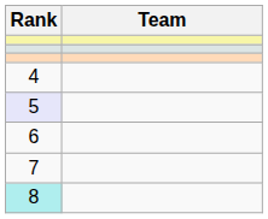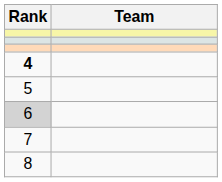 <table class="wikitable">
 <tr>
 <th width=40>Rank</th>
 <th width=160>Team</th>
 </tr>
 <tr bgcolor="#F7F6A8">
 <td align=center></td>
 <td></td>
 </tr>
 <tr bgcolor="#DCE5E5">
 <td align=center></td>
 <td></td>
 </tr>
 <tr bgcolor="#FFDAB9">
 <td align=center></td>
 <td></td>
 </tr>
 <tr>
-<td align=center>4</td>
+<td align=center><strong>4</strong></td>
 <td></td>
 </tr>
 <tr>
-<td align=center style="background: lavender;">5</td>
+<td align=center>5</td>
 <td></td>
 </tr>
 <tr>
-<td align=center>6</td>
+<td align=center style="background: lightgrey;">6</td>
 <td></td>
 </tr>
 <tr>
 <td align=center>7</td>
 <td></td>
 </tr>
 <tr>
-<td align=center style="background: paleturquoise;">8</td>
+<td align=center>8</td>
 <td></td>
 </tr>
 </table>
